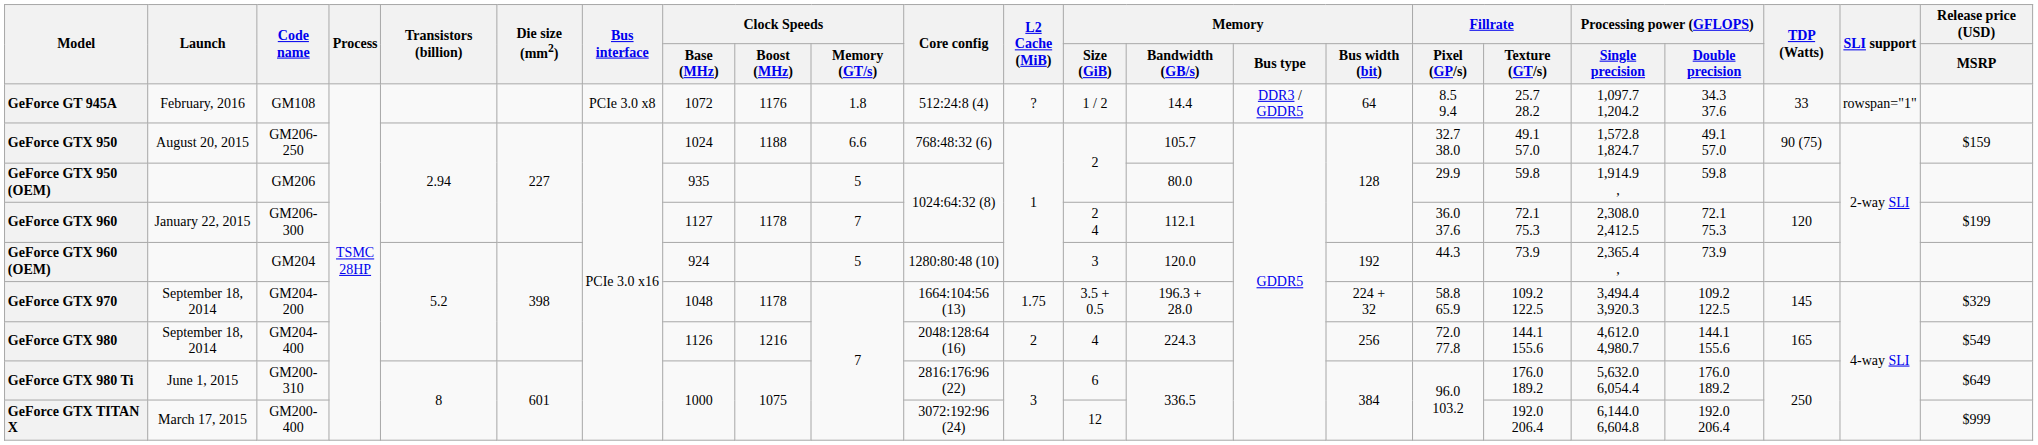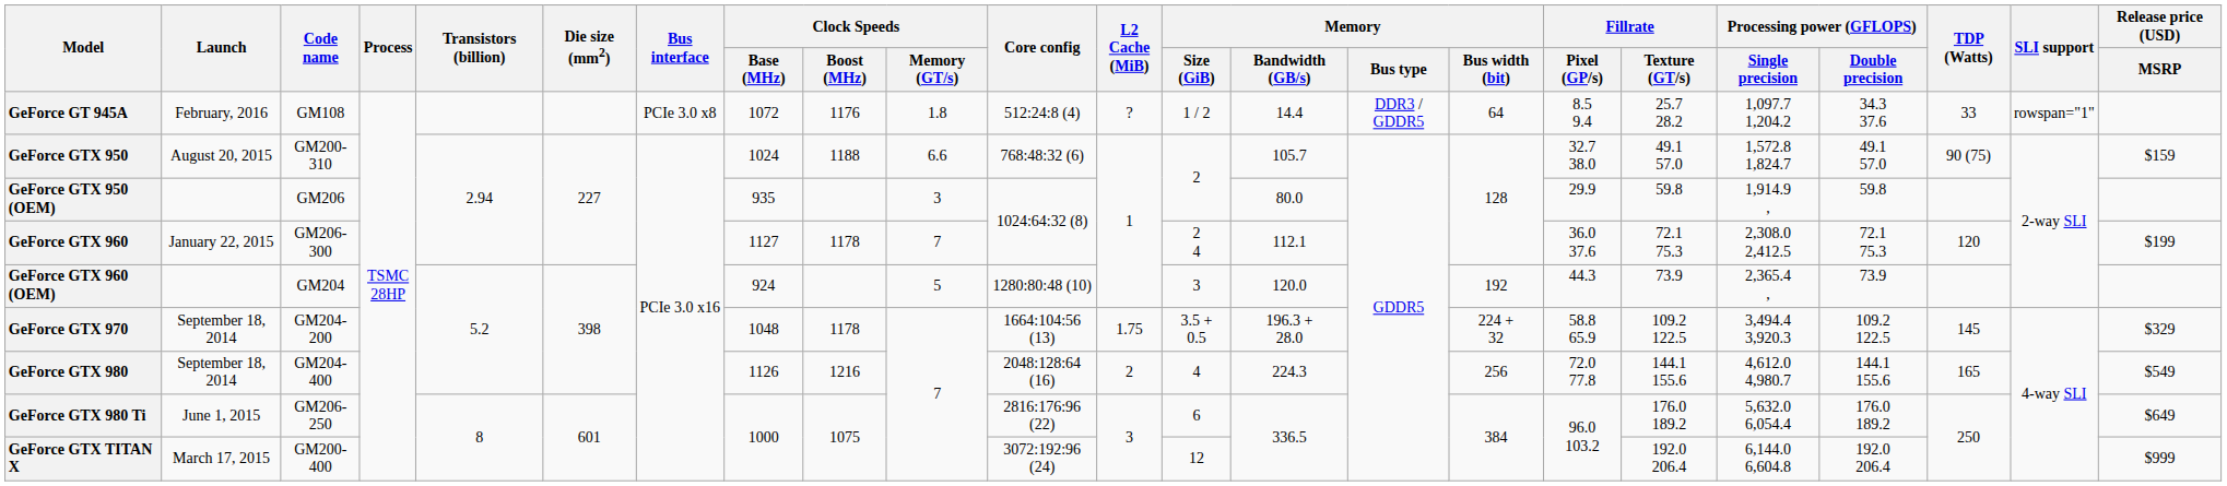 <table class="mw-datatable wikitable sortable sort-under" style="font-size:85%; text-align:center;">
 <tr>
 <th rowspan="2">Model</th>
 <th rowspan="2">Launch</th>
 <th rowspan="2"><a href='#'>Code name</a></th>
 <th rowspan="2">Process</th>
 <th rowspan="2">Transistors (billion)</th>
 <th rowspan="2">Die size (mm<sup>2</sup>)</th>
 <th rowspan="2"><a href='#'>Bus</a> <a href='#'>interface</a></th>
 <th colspan="3">Clock Speeds</th>
 <th rowspan="2">Core config</th>
 <th rowspan="2"><a href='#'>L2 Cache</a><br>(<a href='#'>MiB</a>)</th>
 <th colspan="4">Memory</th>
 <th colspan="2"><a href='#'>Fillrate</a></th>
 <th colspan="2">Processing power (<a href='#'>GFLOPS</a>)</th>
 <th rowspan="2"><a href='#'>TDP</a> (Watts)</th>
 <th rowspan="2"><a href='#'>SLI</a> support</th>
 <th>Release price (USD)</th>
 </tr>
 <tr>
 <th>Base (<a href='#'>MHz</a>)</th>
 <th>Boost (<a href='#'>MHz</a>)</th>
 <th>Memory (<a href='#'>GT/s</a>)</th>
 <th>Size (<a href='#'>GiB</a>)</th>
 <th>Bandwidth (<a href='#'>GB/s</a>)</th>
 <th>Bus type</th>
 <th>Bus width (<a href='#'>bit</a>)</th>
 <th>Pixel (<a href='#'>GP</a>/s)</th>
 <th>Texture (<a href='#'>GT</a>/s)</th>
 <th><a href='#'>Single precision</a></th>
 <th><a href='#'>Double precision</a></th>
 <th>MSRP</th>
 </tr>
 <tr>
 <th style="text-align:left;">GeForce GT 945A</th>
 <td>February, 2016</td>
 <td>GM108</td>
 <td rowspan="9"><a href='#'>TSMC</a><br><a href='#'>28HP</a></td>
 <td></td>
 <td></td>
 <td>PCIe 3.0 x8</td>
 <td>1072</td>
 <td>1176</td>
 <td>1.8</td>
 <td>512:24:8 (4)</td>
 <td>?</td>
 <td>1 / 2</td>
 <td>14.4</td>
 <td><a href='#'>DDR3</a> / <a href='#'>GDDR5</a></td>
 <td>64</td>
 <td>8.5<br>9.4</td>
 <td>25.7<br>28.2</td>
 <td>1,097.7<br>1,204.2</td>
 <td>34.3<br>37.6</td>
 <td>33</td>
 <td>rowspan="1" </td>
 <td></td>
 </tr>
 <tr>
 <th style="text-align:left;">GeForce GTX 950</th>
 <td>August 20, 2015</td>
-<td>GM206-250</td>
+<td>GM200-310</td>
 <td rowspan="3">2.94</td>
 <td rowspan="3">227</td>
 <td rowspan="8">PCIe 3.0 x16</td>
 <td>1024</td>
 <td>1188</td>
 <td>6.6</td>
 <td>768:48:32 (6)</td>
 <td rowspan="4">1</td>
 <td rowspan="2">2</td>
 <td>105.7</td>
 <td rowspan="8"><a href='#'>GDDR5</a></td>
 <td rowspan="3">128</td>
 <td>32.7<br>38.0</td>
 <td>49.1<br>57.0</td>
 <td>1,572.8<br>1,824.7</td>
 <td>49.1<br>57.0</td>
 <td>90 (75)</td>
 <td rowspan="4">2-way <a href='#'>SLI</a></td>
 <td>$159</td>
 </tr>
 <tr>
 <th style="text-align:left;">GeForce GTX 950 (OEM)</th>
 <td></td>
 <td>GM206</td>
 <td>935</td>
 <td></td>
-<td>5</td>
+<td>3</td>
 <td rowspan="2">1024:64:32 (8)</td>
 <td>80.0</td>
 <td>29.9<br> </td>
 <td>59.8<br> </td>
 <td>1,914.9<br>,</td>
 <td>59.8<br> </td>
 <td></td>
 <td></td>
 </tr>
 <tr>
 <th style="text-align:left;">GeForce GTX 960</th>
 <td>January 22, 2015</td>
 <td>GM206-300</td>
 <td>1127</td>
 <td>1178</td>
 <td>7</td>
 <td>2<br>4</td>
 <td>112.1</td>
 <td>36.0<br>37.6</td>
 <td>72.1<br>75.3</td>
 <td>2,308.0<br>2,412.5</td>
 <td>72.1<br>75.3</td>
 <td>120</td>
 <td>$199</td>
 </tr>
 <tr>
 <th style="text-align:left;">GeForce GTX 960 (OEM)</th>
 <td></td>
 <td>GM204</td>
 <td rowspan="3">5.2</td>
 <td rowspan="3">398</td>
 <td>924</td>
 <td></td>
 <td>5</td>
 <td>1280:80:48 (10)</td>
 <td>3</td>
 <td>120.0</td>
 <td>192</td>
 <td>44.3<br> </td>
 <td>73.9<br> </td>
 <td>2,365.4<br>,</td>
 <td>73.9<br> </td>
 <td></td>
 <td></td>
 </tr>
 <tr>
 <th style="text-align:left;">GeForce GTX 970</th>
 <td>September 18, 2014</td>
 <td>GM204-200</td>
 <td>1048</td>
 <td>1178</td>
 <td rowspan="4">7</td>
 <td>1664:104:56 (13)</td>
 <td>1.75</td>
 <td>3.5 +<br>0.5</td>
 <td>196.3 +<br>28.0</td>
 <td>224 +<br>32</td>
 <td>58.8<br>65.9</td>
 <td>109.2<br>122.5</td>
 <td>3,494.4<br>3,920.3</td>
 <td>109.2<br>122.5</td>
 <td>145</td>
 <td rowspan="4">4-way <a href='#'>SLI</a></td>
 <td>$329</td>
 </tr>
 <tr>
 <th style="text-align:left;">GeForce GTX 980</th>
 <td>September 18, 2014</td>
 <td>GM204-400</td>
 <td>1126</td>
 <td>1216</td>
 <td>2048:128:64 (16)</td>
 <td>2</td>
 <td>4</td>
 <td>224.3</td>
 <td>256</td>
 <td>72.0<br>77.8</td>
 <td>144.1<br>155.6</td>
 <td>4,612.0<br>4,980.7</td>
 <td>144.1<br>155.6</td>
 <td>165</td>
 <td>$549</td>
 </tr>
 <tr>
 <th style="text-align:left;">GeForce GTX 980 Ti</th>
 <td>June 1, 2015</td>
-<td>GM200-310</td>
+<td>GM206-250</td>
 <td rowspan="2">8</td>
 <td rowspan="2">601</td>
 <td rowspan="2">1000</td>
 <td rowspan="2">1075</td>
 <td>2816:176:96 (22)</td>
 <td rowspan="2">3</td>
 <td>6</td>
 <td rowspan="2">336.5</td>
 <td rowspan="2">384</td>
 <td rowspan="2">96.0<br>103.2</td>
 <td>176.0<br>189.2</td>
 <td>5,632.0<br>6,054.4</td>
 <td>176.0<br>189.2</td>
 <td rowspan="2">250</td>
 <td>$649</td>
 </tr>
 <tr>
 <th style="text-align:left;">GeForce GTX TITAN X</th>
 <td>March 17, 2015</td>
 <td>GM200-400</td>
 <td>3072:192:96 (24)</td>
 <td>12</td>
 <td>192.0<br>206.4</td>
 <td>6,144.0<br>6,604.8</td>
 <td>192.0<br>206.4</td>
 <td>$999</td>
 </tr>
 </table>
